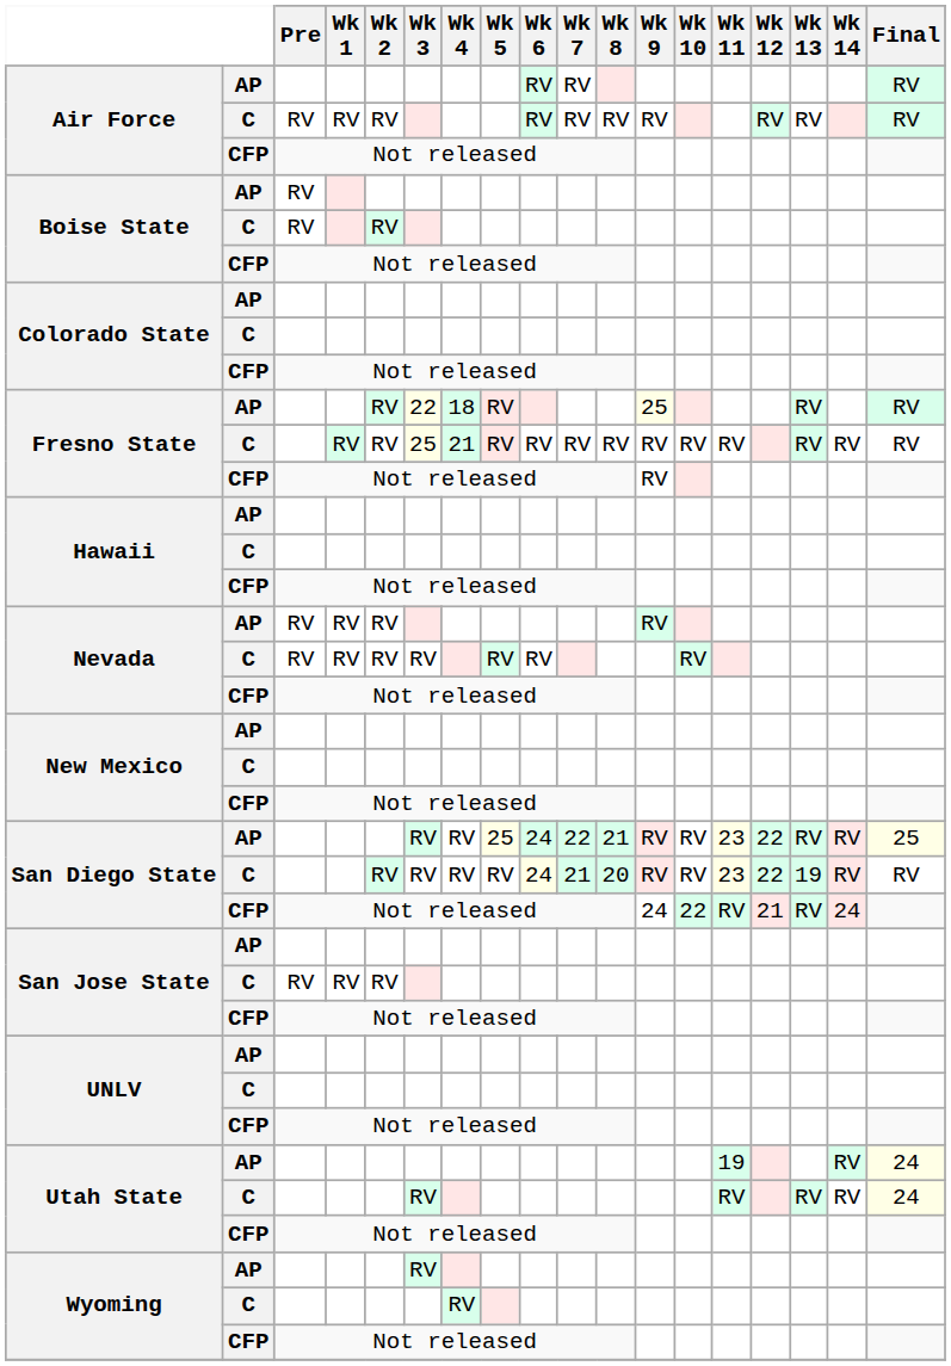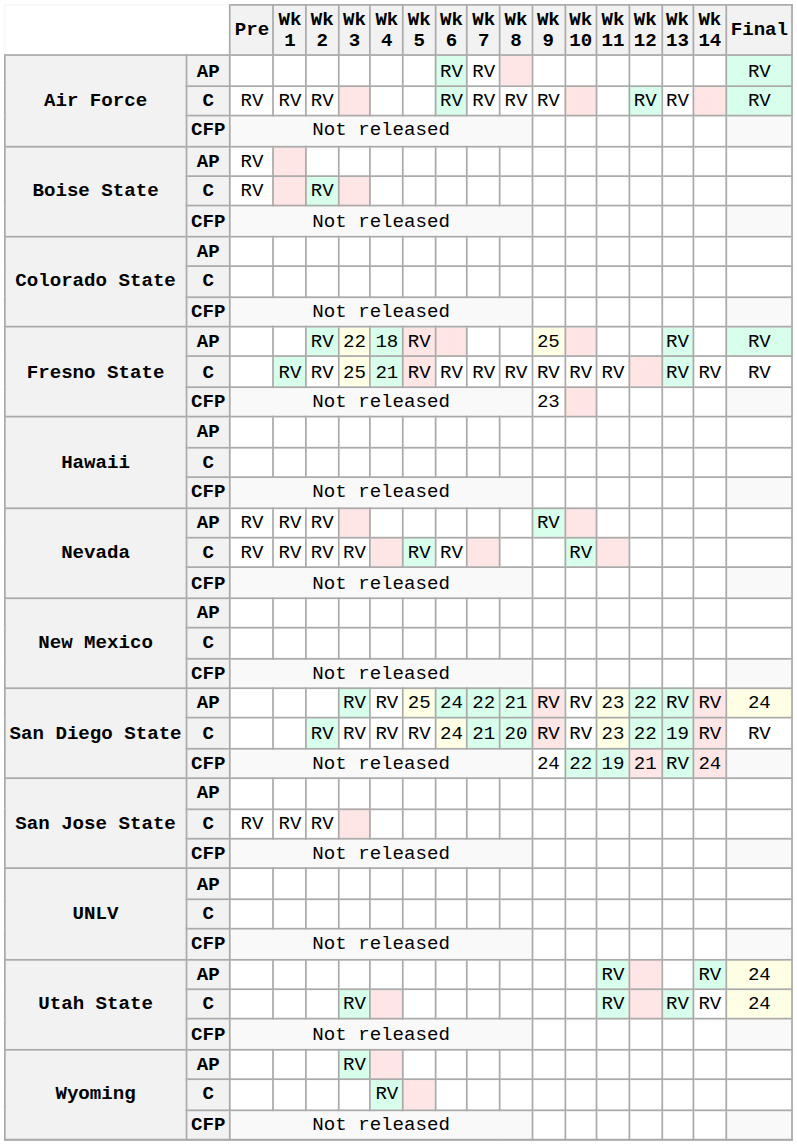 <table class="wikitable" style="white-space:nowrap; font-size:85%">
 <tr>
 <th colspan=2 style="background:white; border-top-style:hidden; border-left-style:hidden;"> </th>
 <th>Pre</th>
 <th>Wk<br>1</th>
 <th>Wk<br>2</th>
 <th>Wk<br>3</th>
 <th>Wk<br>4</th>
 <th>Wk<br>5</th>
 <th>Wk<br>6</th>
 <th>Wk<br>7</th>
 <th>Wk<br>8</th>
 <th>Wk<br>9</th>
 <th>Wk<br>10</th>
 <th>Wk<br>11</th>
 <th>Wk<br>12</th>
 <th>Wk<br>13</th>
 <th>Wk<br>14</th>
 <th>Final</th>
 </tr>
 <tr style="text-align:center;">
 <th rowspan="3">Air Force</th>
 <th>AP</th>
 <td style="background:#FFF;"></td>
 <td style="background:#FFF;"></td>
 <td style="background:#FFF;"></td>
 <td style="background:#FFF;"></td>
 <td style="background:#FFF;"></td>
 <td style="background:#FFF;"></td>
 <td style="background:#d8ffeb;">RV</td>
 <td style="background:#FFF;">RV</td>
 <td style="background:#ffe6e6;"></td>
 <td style="background:#FFF;"></td>
 <td style="background:#FFF;"></td>
 <td style="background:#FFF;"></td>
 <td style="background:#FFF;"></td>
 <td style="background:#FFF;"></td>
 <td style="background:#FFF;"></td>
 <td style="background:#d8ffeb;">RV</td>
 </tr>
 <tr style="text-align:center;">
 <th>C</th>
 <td style="background:#FFF;">RV</td>
 <td style="background:#FFF;">RV</td>
 <td style="background:#FFF;">RV</td>
 <td style="background:#ffe6e6;"></td>
 <td style="background:#FFF;"></td>
 <td style="background:#FFF;"></td>
 <td style="background:#d8ffeb;">RV</td>
 <td style="background:#FFF;">RV</td>
 <td style="background:#FFF;">RV</td>
 <td style="background:#FFF;">RV</td>
 <td style="background:#ffe6e5;"></td>
 <td style="background:#FFF;"></td>
 <td style="background:#d8ffeb;">RV</td>
 <td style="background:#FFF;">RV</td>
 <td style="background:#ffe6e5;"></td>
 <td style="background:#d8ffeb;">RV</td>
 </tr>
 <tr style="text-align:center;">
 <th>CFP</th>
 <td colspan="9" style="text-align:center;">Not released</td>
 <td style="background:#FFF;"></td>
 <td style="background:#FFF;"></td>
 <td style="background:#FFF;"></td>
 <td style="background:#FFF;"></td>
 <td style="background:#FFF;"></td>
 <td style="background:#FFF;"></td>
 <td style="text-align:center;"></td>
 </tr>
 <tr style="text-align:center;">
 <th rowspan="3">Boise State</th>
 <th>AP</th>
 <td style="background:#FFF;">RV</td>
 <td style="background:#ffe6e6;"></td>
 <td style="background:#FFF;"></td>
 <td style="background:#FFF;"></td>
 <td style="background:#FFF;"></td>
 <td style="background:#FFF;"></td>
 <td style="background:#FFF;"></td>
 <td style="background:#FFF;"></td>
 <td style="background:#FFF;"></td>
 <td style="background:#FFF;"></td>
 <td style="background:#FFF;"></td>
 <td style="background:#FFF;"></td>
 <td style="background:#FFF;"></td>
 <td style="background:#FFF;"></td>
 <td style="background:#FFF;"></td>
 <td style="background:#FFF;"></td>
 </tr>
 <tr style="text-align:center;">
 <th>C</th>
 <td style="background:#FFF;">RV</td>
 <td style="background:#ffe6e6;"></td>
 <td style="background:#d8ffeb;">RV</td>
 <td style="background:#ffe6e6;"></td>
 <td style="background:#FFF;"></td>
 <td style="background:#FFF;"></td>
 <td style="background:#FFF;"></td>
 <td style="background:#FFF;"></td>
 <td style="background:#FFF;"></td>
 <td style="background:#FFF;"></td>
 <td style="background:#FFF;"></td>
 <td style="background:#FFF;"></td>
 <td style="background:#FFF;"></td>
 <td style="background:#FFF;"></td>
 <td style="background:#FFF;"></td>
 <td style="background:#FFF;"></td>
 </tr>
 <tr style="text-align:center;">
 <th>CFP</th>
 <td colspan="9" style="text-align:center;">Not released</td>
 <td style="background:#FFF;"></td>
 <td style="background:#FFF;"></td>
 <td style="background:#FFF;"></td>
 <td style="background:#FFF;"></td>
 <td style="background:#FFF;"></td>
 <td style="background:#FFF;"></td>
 <td style="text-align:center;"></td>
 </tr>
 <tr style="text-align:center;">
 <th rowspan="3">Colorado State</th>
 <th>AP</th>
 <td style="background:#FFF;"></td>
 <td style="background:#FFF;"></td>
 <td style="background:#FFF;"></td>
 <td style="background:#FFF;"></td>
 <td style="background:#FFF;"></td>
 <td style="background:#FFF;"></td>
 <td style="background:#FFF;"></td>
 <td style="background:#FFF;"></td>
 <td style="background:#FFF;"></td>
 <td style="background:#FFF;"></td>
 <td style="background:#FFF;"></td>
 <td style="background:#FFF;"></td>
 <td style="background:#FFF;"></td>
 <td style="background:#FFF;"></td>
 <td style="background:#FFF;"></td>
 <td style="background:#FFF;"></td>
 </tr>
 <tr style="text-align:center;">
 <th>C</th>
 <td style="background:#FFF;"></td>
 <td style="background:#FFF;"></td>
 <td style="background:#FFF;"></td>
 <td style="background:#FFF;"></td>
 <td style="background:#FFF;"></td>
 <td style="background:#FFF;"></td>
 <td style="background:#FFF;"></td>
 <td style="background:#FFF;"></td>
 <td style="background:#FFF;"></td>
 <td style="background:#FFF;"></td>
 <td style="background:#FFF;"></td>
 <td style="background:#FFF;"></td>
 <td style="background:#FFF;"></td>
 <td style="background:#FFF;"></td>
 <td style="background:#FFF;"></td>
 <td style="background:#FFF;"></td>
 </tr>
 <tr style="text-align:center;">
 <th>CFP</th>
 <td colspan="9" style="text-align:center;">Not released</td>
 <td style="background:#FFF;"></td>
 <td style="background:#FFF;"></td>
 <td style="background:#FFF;"></td>
 <td style="background:#FFF;"></td>
 <td style="background:#FFF;"></td>
 <td style="background:#FFF;"></td>
 <td style="text-align:center;"></td>
 </tr>
 <tr style="text-align:center;">
 <th rowspan="3">Fresno State</th>
 <th>AP</th>
 <td style="background:#FFF;"></td>
 <td style="background:#FFF;"></td>
 <td style="background:#d8ffeb;">RV</td>
 <td style="background:#ffffe6;">22</td>
 <td style="background:#d8ffeb;">18</td>
 <td style="background:#ffe6e5;">RV</td>
 <td style="background:#ffe6e5;"></td>
 <td style="background:#FFF;"></td>
 <td style="background:#FFF;"></td>
 <td style="background:#ffffe6;">25</td>
 <td style="background:#ffe6e5;"></td>
 <td style="background:#FFF;"></td>
 <td style="background:#FFF;"></td>
 <td style="background:#d8ffeb;">RV</td>
 <td style="background:#FFF;"></td>
 <td style="background:#d8ffeb;">RV</td>
 </tr>
 <tr style="text-align:center;">
 <th>C</th>
 <td style="background:#FFF;"></td>
 <td style="background:#d8ffeb;">RV</td>
 <td style="background:#FFF;">RV</td>
 <td style="background:#ffffe6;">25</td>
 <td style="background:#d8ffeb;">21</td>
 <td style="background:#ffe6e5;">RV</td>
 <td style="background:#FFF;">RV</td>
 <td style="background:#FFF;">RV</td>
 <td style="background:#FFF;">RV</td>
 <td style="background:#FFF;">RV</td>
 <td style="background:#FFF;">RV</td>
 <td style="background:#FFF;">RV</td>
 <td style="background:#ffe6e5;"></td>
 <td style="background:#d8ffeb;">RV</td>
 <td style="background:#FFF;">RV</td>
 <td style="background:#FFF;">RV</td>
 </tr>
 <tr style="text-align:center;">
 <th>CFP</th>
 <td colspan="9" style="text-align:center;">Not released</td>
-<td style="background:#FFF;">RV</td>
+<td style="background:#FFF;">23</td>
 <td style="background:#ffe6e5;"></td>
 <td style="background:#FFF;"></td>
 <td style="background:#FFF;"></td>
 <td style="background:#FFF;"></td>
 <td style="background:#FFF;"></td>
 <td style="text-align:center;"></td>
 </tr>
 <tr style="text-align:center;">
 <th rowspan="3">Hawaii</th>
 <th>AP</th>
 <td style="background:#FFF;"></td>
 <td style="background:#FFF;"></td>
 <td style="background:#FFF;"></td>
 <td style="background:#FFF;"></td>
 <td style="background:#FFF;"></td>
 <td style="background:#FFF;"></td>
 <td style="background:#FFF;"></td>
 <td style="background:#FFF;"></td>
 <td style="background:#FFF;"></td>
 <td style="background:#FFF;"></td>
 <td style="background:#FFF;"></td>
 <td style="background:#FFF;"></td>
 <td style="background:#FFF;"></td>
 <td style="background:#FFF;"></td>
 <td style="background:#FFF;"></td>
 <td style="background:#FFF;"></td>
 </tr>
 <tr style="text-align:center;">
 <th>C</th>
 <td style="background:#FFF;"></td>
 <td style="background:#FFF;"></td>
 <td style="background:#FFF;"></td>
 <td style="background:#FFF;"></td>
 <td style="background:#FFF;"></td>
 <td style="background:#FFF;"></td>
 <td style="background:#FFF;"></td>
 <td style="background:#FFF;"></td>
 <td style="background:#FFF;"></td>
 <td style="background:#FFF;"></td>
 <td style="background:#FFF;"></td>
 <td style="background:#FFF;"></td>
 <td style="background:#FFF;"></td>
 <td style="background:#FFF;"></td>
 <td style="background:#FFF;"></td>
 <td style="background:#FFF;"></td>
 </tr>
 <tr style="text-align:center;">
 <th>CFP</th>
 <td colspan="9" style="text-align:center;">Not released</td>
 <td style="background:#FFF;"></td>
 <td style="background:#FFF;"></td>
 <td style="background:#FFF;"></td>
 <td style="background:#FFF;"></td>
 <td style="background:#FFF;"></td>
 <td style="background:#FFF;"></td>
 <td style="text-align:center;"></td>
 </tr>
 <tr style="text-align:center;">
 <th rowspan="3">Nevada</th>
 <th>AP</th>
 <td style="background:#FFF;">RV</td>
 <td style="background:#FFF;">RV</td>
 <td style="background:#FFF;">RV</td>
 <td style="background:#ffe6e6;"></td>
 <td style="background:#FFF;"></td>
 <td style="background:#FFF;"></td>
 <td style="background:#FFF;"></td>
 <td style="background:#FFF;"></td>
 <td style="background:#FFF;"></td>
 <td style="background:#d8ffeb;">RV</td>
 <td style="background:#ffe6e6;"></td>
 <td style="background:#FFF;"></td>
 <td style="background:#FFF;"></td>
 <td style="background:#FFF;"></td>
 <td style="background:#FFF;"></td>
 <td style="background:#FFF;"></td>
 </tr>
 <tr style="text-align:center;">
 <th>C</th>
 <td style="background:#FFF;">RV</td>
 <td style="background:#FFF;">RV</td>
 <td style="background:#FFF;">RV</td>
 <td style="background:#FFF;">RV</td>
 <td style="background:#ffe6e6;"></td>
 <td style="background:#d8ffeb;">RV</td>
 <td style="background:#FFF;">RV</td>
 <td style="background:#ffe6e6;"></td>
 <td style="background:#FFF;"></td>
 <td style="background:#FFF;"></td>
 <td style="background:#d8ffeb;">RV</td>
 <td style="background:#ffe6e6;"></td>
 <td style="background:#FFF;"></td>
 <td style="background:#FFF;"></td>
 <td style="background:#FFF;"></td>
 <td style="background:#FFF;"></td>
 </tr>
 <tr style="text-align:center;">
 <th>CFP</th>
 <td colspan="9" style="text-align:center;">Not released</td>
 <td style="background:#FFF;"></td>
 <td style="background:#FFF;"></td>
 <td style="background:#FFF;"></td>
 <td style="background:#FFF;"></td>
 <td style="background:#FFF;"></td>
 <td style="background:#FFF;"></td>
 <td style="text-align:center;"></td>
 </tr>
 <tr style="text-align:center;">
 <th rowspan="3">New Mexico</th>
 <th>AP</th>
 <td style="background:#FFF;"></td>
 <td style="background:#FFF;"></td>
 <td style="background:#FFF;"></td>
 <td style="background:#FFF;"></td>
 <td style="background:#FFF;"></td>
 <td style="background:#FFF;"></td>
 <td style="background:#FFF;"></td>
 <td style="background:#FFF;"></td>
 <td style="background:#FFF;"></td>
 <td style="background:#FFF;"></td>
 <td style="background:#FFF;"></td>
 <td style="background:#FFF;"></td>
 <td style="background:#FFF;"></td>
 <td style="background:#FFF;"></td>
 <td style="background:#FFF;"></td>
 <td style="background:#FFF;"></td>
 </tr>
 <tr style="text-align:center;">
 <th>C</th>
 <td style="background:#FFF;"></td>
 <td style="background:#FFF;"></td>
 <td style="background:#FFF;"></td>
 <td style="background:#FFF;"></td>
 <td style="background:#FFF;"></td>
 <td style="background:#FFF;"></td>
 <td style="background:#FFF;"></td>
 <td style="background:#FFF;"></td>
 <td style="background:#FFF;"></td>
 <td style="background:#FFF;"></td>
 <td style="background:#FFF;"></td>
 <td style="background:#FFF;"></td>
 <td style="background:#FFF;"></td>
 <td style="background:#FFF;"></td>
 <td style="background:#FFF;"></td>
 <td style="background:#FFF;"></td>
 </tr>
 <tr style="text-align:center;">
 <th>CFP</th>
 <td colspan="9" style="text-align:center;">Not released</td>
 <td style="background:#FFF;"></td>
 <td style="background:#FFF;"></td>
 <td style="background:#FFF;"></td>
 <td style="background:#FFF;"></td>
 <td style="background:#FFF;"></td>
 <td style="background:#FFF;"></td>
 <td style="text-align:center;"></td>
 </tr>
 <tr style="text-align:center;">
 <th rowspan="3">San Diego State</th>
 <th>AP</th>
 <td style="background:#FFF;"></td>
 <td style="background:#FFF;"></td>
 <td style="background:#FFF;"></td>
 <td style="background:#d8ffeb;">RV</td>
 <td style="background:#FFF;">RV</td>
 <td style="background:#ffffe6;">25</td>
 <td style="background:#d8ffeb;">24</td>
 <td style="background:#d8ffeb;">22</td>
 <td style="background:#d8ffeb;">21</td>
 <td style="background:#ffe6e6;">RV</td>
 <td style="background:#FFF;">RV</td>
 <td style="background:#ffffe6;">23</td>
 <td style="background:#d8ffeb;">22</td>
 <td style="background:#d8ffeb;">RV</td>
 <td style="background:#ffe6e6;">RV</td>
-<td style="background:#ffffe6;">25</td>
+<td style="background:#ffffe6;">24</td>
 </tr>
 <tr style="text-align:center;">
 <th>C</th>
 <td style="background:#FFF;"></td>
 <td style="background:#FFF;"></td>
 <td style="background:#d8ffeb;">RV</td>
 <td style="background:#FFF;">RV</td>
 <td style="background:#FFF;">RV</td>
 <td style="background:#FFF;">RV</td>
 <td style="background:#ffffe6;">24</td>
 <td style="background:#d8ffeb;">21</td>
 <td style="background:#d8ffeb;">20</td>
 <td style="background:#ffe6e6;">RV</td>
 <td style="background:#FFF;">RV</td>
 <td style="background:#ffffe6;">23</td>
 <td style="background:#d8ffeb;">22</td>
 <td style="background:#d8ffeb;">19</td>
 <td style="background:#ffe6e6;">RV</td>
 <td style="background:#FFF;">RV</td>
 </tr>
 <tr style="text-align:center;">
 <th>CFP</th>
 <td colspan="9" style="text-align:center;">Not released</td>
 <td style="background:#FFF;">24</td>
 <td style="background:#d8ffeb;">22</td>
-<td style="background:#d8ffeb;">RV</td>
+<td style="background:#d8ffeb;">19</td>
 <td style="background:#ffe6e6;">21</td>
 <td style="background:#d8ffeb;">RV</td>
 <td style="background:#ffe6e6;">24</td>
 <td style="text-align:center;"></td>
 </tr>
 <tr style="text-align:center;">
 <th rowspan="3">San Jose State</th>
 <th>AP</th>
 <td style="background:#FFF;"></td>
 <td style="background:#FFF;"></td>
 <td style="background:#FFF;"></td>
 <td style="background:#FFF;"></td>
 <td style="background:#FFF;"></td>
 <td style="background:#FFF;"></td>
 <td style="background:#FFF;"></td>
 <td style="background:#FFF;"></td>
 <td style="background:#FFF;"></td>
 <td style="background:#FFF;"></td>
 <td style="background:#FFF;"></td>
 <td style="background:#FFF;"></td>
 <td style="background:#FFF;"></td>
 <td style="background:#FFF;"></td>
 <td style="background:#FFF;"></td>
 <td style="background:#FFF;"></td>
 </tr>
 <tr style="text-align:center;">
 <th>C</th>
 <td style="background:#FFF;">RV</td>
 <td style="background:#FFF;">RV</td>
 <td style="background:#FFF;">RV</td>
 <td style="background:#ffe6e6;"></td>
 <td style="background:#FFF;"></td>
 <td style="background:#FFF;"></td>
 <td style="background:#FFF;"></td>
 <td style="background:#FFF;"></td>
 <td style="background:#FFF;"></td>
 <td style="background:#FFF;"></td>
 <td style="background:#FFF;"></td>
 <td style="background:#FFF;"></td>
 <td style="background:#FFF;"></td>
 <td style="background:#FFF;"></td>
 <td style="background:#FFF;"></td>
 <td style="background:#FFF;"></td>
 </tr>
 <tr style="text-align:center;">
 <th>CFP</th>
 <td colspan="9" style="text-align:center;">Not released</td>
 <td style="background:#FFF;"></td>
 <td style="background:#FFF;"></td>
 <td style="background:#FFF;"></td>
 <td style="background:#FFF;"></td>
 <td style="background:#FFF;"></td>
 <td style="background:#FFF;"></td>
 <td style="text-align:center;"></td>
 </tr>
 <tr style="text-align:center;">
 <th rowspan="3">UNLV</th>
 <th>AP</th>
 <td style="background:#FFF;"></td>
 <td style="background:#FFF;"></td>
 <td style="background:#FFF;"></td>
 <td style="background:#FFF;"></td>
 <td style="background:#FFF;"></td>
 <td style="background:#FFF;"></td>
 <td style="background:#FFF;"></td>
 <td style="background:#FFF;"></td>
 <td style="background:#FFF;"></td>
 <td style="background:#FFF;"></td>
 <td style="background:#FFF;"></td>
 <td style="background:#FFF;"></td>
 <td style="background:#FFF;"></td>
 <td style="background:#FFF;"></td>
 <td style="background:#FFF;"></td>
 <td style="background:#FFF;"></td>
 </tr>
 <tr style="text-align:center;">
 <th>C</th>
 <td style="background:#FFF;"></td>
 <td style="background:#FFF;"></td>
 <td style="background:#FFF;"></td>
 <td style="background:#FFF;"></td>
 <td style="background:#FFF;"></td>
 <td style="background:#FFF;"></td>
 <td style="background:#FFF;"></td>
 <td style="background:#FFF;"></td>
 <td style="background:#FFF;"></td>
 <td style="background:#FFF;"></td>
 <td style="background:#FFF;"></td>
 <td style="background:#FFF;"></td>
 <td style="background:#FFF;"></td>
 <td style="background:#FFF;"></td>
 <td style="background:#FFF;"></td>
 <td style="background:#FFF;"></td>
 </tr>
 <tr style="text-align:center;">
 <th>CFP</th>
 <td colspan="9" style="text-align:center;">Not released</td>
 <td style="background:#FFF;"></td>
 <td style="background:#FFF;"></td>
 <td style="background:#FFF;"></td>
 <td style="background:#FFF;"></td>
 <td style="background:#FFF;"></td>
 <td style="background:#FFF;"></td>
 <td style="text-align:center;"></td>
 </tr>
 <tr style="text-align:center;">
 <th rowspan="3">Utah State</th>
 <th>AP</th>
 <td style="background:#FFF;"></td>
 <td style="background:#FFF;"></td>
 <td style="background:#FFF;"></td>
 <td style="background:#FFF;"></td>
 <td style="background:#FFF;"></td>
 <td style="background:#FFF;"></td>
 <td style="background:#FFF;"></td>
 <td style="background:#FFF;"></td>
 <td style="background:#FFF;"></td>
 <td style="background:#FFF;"></td>
 <td style="background:#FFF;"></td>
-<td style="background:#d8ffeb;">19</td>
+<td style="background:#d8ffeb;">RV</td>
 <td style="background:#ffe6e6;"></td>
 <td style="background:#FFF;"></td>
 <td style="background:#d8ffeb;">RV</td>
 <td style="background:#ffffe6;">24</td>
 </tr>
 <tr style="text-align:center;">
 <th>C</th>
 <td style="background:#FFF;"></td>
 <td style="background:#FFF;"></td>
 <td style="background:#FFF;"></td>
 <td style="background:#d8ffeb;">RV</td>
 <td style="background:#ffe6e6;"></td>
 <td style="background:#FFF;"></td>
 <td style="background:#FFF;"></td>
 <td style="background:#FFF;"></td>
 <td style="background:#FFF;"></td>
 <td style="background:#FFF;"></td>
 <td style="background:#FFF;"></td>
 <td style="background:#d8ffeb;">RV</td>
 <td style="background:#ffe6e6;"></td>
 <td style="background:#d8ffeb;">RV</td>
 <td style="background:#FFF;">RV</td>
 <td style="background:#ffffe6;">24</td>
 </tr>
 <tr style="text-align:center;">
 <th>CFP</th>
 <td colspan="9" style="text-align:center;">Not released</td>
 <td style="background:#FFF;"></td>
 <td style="background:#FFF;"></td>
 <td style="background:#FFF;"></td>
 <td style="background:#FFF;"></td>
 <td style="background:#FFF;"></td>
 <td style="background:#FFF;"></td>
 <td style="text-align:center;"></td>
 </tr>
 <tr style="text-align:center;">
 <th rowspan="3">Wyoming</th>
 <th>AP</th>
 <td style="background:#FFF;"></td>
 <td style="background:#FFF;"></td>
 <td style="background:#FFF;"></td>
 <td style="background:#d8ffeb;">RV</td>
 <td style="background:#ffe6e6;"></td>
 <td style="background:#FFF;"></td>
 <td style="background:#FFF;"></td>
 <td style="background:#FFF;"></td>
 <td style="background:#FFF;"></td>
 <td style="background:#FFF;"></td>
 <td style="background:#FFF;"></td>
 <td style="background:#FFF;"></td>
 <td style="background:#FFF;"></td>
 <td style="background:#FFF;"></td>
 <td style="background:#FFF;"></td>
 <td style="background:#FFF;"></td>
 </tr>
 <tr style="text-align:center;">
 <th>C</th>
 <td style="background:#FFF;"></td>
 <td style="background:#FFF;"></td>
 <td style="background:#FFF;"></td>
 <td style="background:#FFF;"></td>
 <td style="background:#d8ffeb;">RV</td>
 <td style="background:#ffe6e6;"></td>
 <td style="background:#FFF;"></td>
 <td style="background:#FFF;"></td>
 <td style="background:#FFF;"></td>
 <td style="background:#FFF;"></td>
 <td style="background:#FFF;"></td>
 <td style="background:#FFF;"></td>
 <td style="background:#FFF;"></td>
 <td style="background:#FFF;"></td>
 <td style="background:#FFF;"></td>
 <td style="background:#FFF;"></td>
 </tr>
 <tr style="text-align:center;">
 <th>CFP</th>
 <td colspan="9" style="text-align:center;">Not released</td>
 <td style="background:#FFF;"></td>
 <td style="background:#FFF;"></td>
 <td style="background:#FFF;"></td>
 <td style="background:#FFF;"></td>
 <td style="background:#FFF;"></td>
 <td style="background:#FFF;"></td>
 <td style="text-align:center;"></td>
 </tr>
 <tr style="text-align:center;">
 </tr>
 </table>
